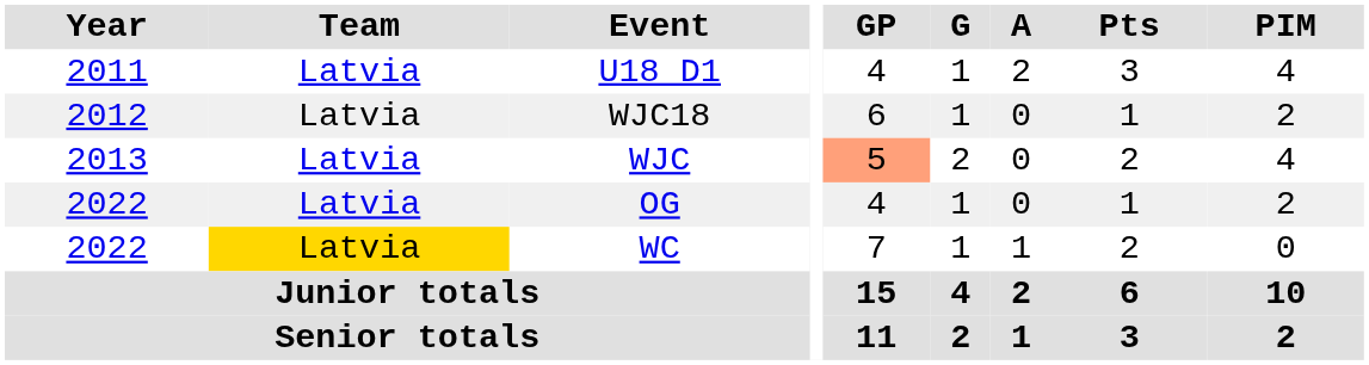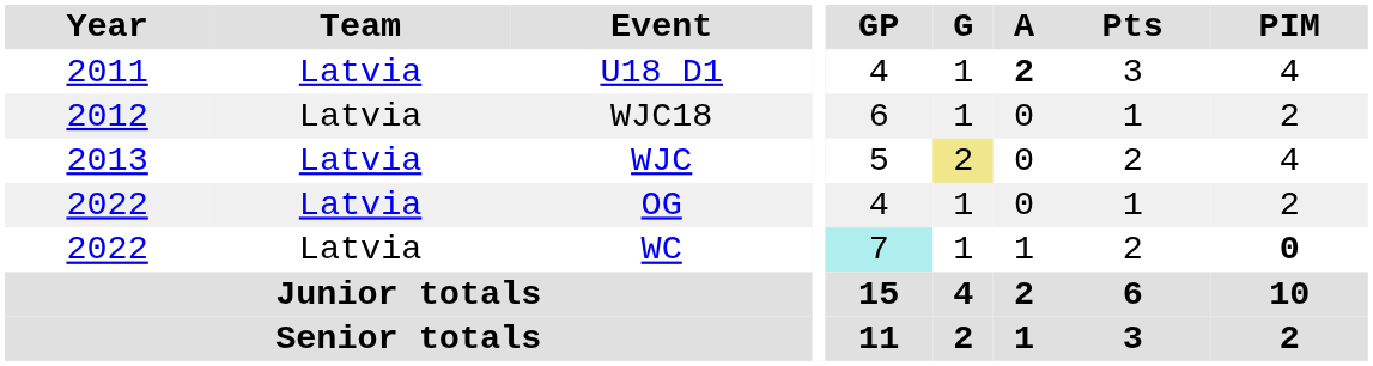 <table border="0" cellpadding="1" cellspacing="0" ID="Table3" style="text-align:center; width:40em">
 <tr ALIGN="center" bgcolor="#e0e0e0">
 <th>Year</th>
 <th>Team</th>
 <th>Event</th>
 <th rowspan="99" bgcolor="#ffffff"></th>
 <th>GP</th>
 <th>G</th>
 <th>A</th>
 <th>Pts</th>
 <th>PIM</th>
 </tr>
 <tr>
 <td><a href='#'>2011</a></td>
 <td><a href='#'>Latvia</a></td>
 <td><a href='#'>U18 D1</a></td>
 <td>4</td>
 <td>1</td>
-<td>2</td>
+<td><strong>2</strong></td>
 <td>3</td>
 <td>4</td>
 </tr>
 <tr bgcolor="#f0f0f0">
 <td><a href='#'>2012</a></td>
 <td>Latvia</td>
 <td>WJC18</td>
 <td>6</td>
 <td>1</td>
 <td>0</td>
 <td>1</td>
 <td>2</td>
 </tr>
 <tr>
 <td><a href='#'>2013</a></td>
 <td><a href='#'>Latvia</a></td>
 <td><a href='#'>WJC</a></td>
-<td style="background: lightsalmon;">5</td>
-<td>2</td>
+<td>5</td>
+<td style="background: khaki;">2</td>
 <td>0</td>
 <td>2</td>
 <td>4</td>
 </tr>
 <tr bgcolor="#f0f0f0">
 <td><a href='#'>2022</a></td>
 <td><a href='#'>Latvia</a></td>
 <td><a href='#'>OG</a></td>
 <td>4</td>
 <td>1</td>
 <td>0</td>
 <td>1</td>
 <td>2</td>
 </tr>
 <tr>
 <td><a href='#'>2022</a></td>
-<td style="background: gold;">Latvia</td>
+<td>Latvia</td>
 <td><a href='#'>WC</a></td>
-<td>7</td>
+<td style="background: paleturquoise;">7</td>
 <td>1</td>
 <td>1</td>
 <td>2</td>
-<td>0</td>
+<td><strong>0</strong></td>
 </tr>
 <tr bgcolor="#e0e0e0">
 <th colspan="3">Junior totals</th>
 <th>15</th>
 <th>4</th>
 <th>2</th>
 <th>6</th>
 <th>10</th>
 </tr>
 <tr bgcolor="#e0e0e0">
 <th colspan="3">Senior totals</th>
 <th>11</th>
 <th>2</th>
 <th>1</th>
 <th>3</th>
 <th>2</th>
 </tr>
 </table>
